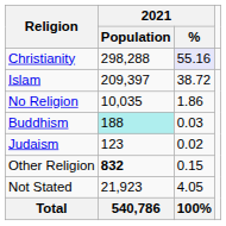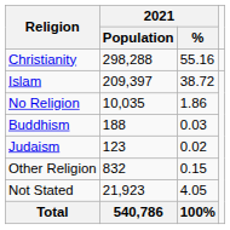 <table class="wikitable sortable">
 <tr>
 <th rowspan="2">Religion</th>
 <th colspan="2">2021 </th>
 </tr>
 <tr>
 <th>Population</th>
 <th>%</th>
 </tr>
 <tr>
 <td><a href='#'>Christianity</a></td>
 <td>298,288</td>
-<td style="background: lavender;">55.16</td>
+<td>55.16</td>
 <td></td>
 </tr>
 <tr>
 <td><a href='#'>Islam</a></td>
 <td>209,397</td>
 <td>38.72</td>
 </tr>
 <tr>
 <td><a href='#'>No Religion</a></td>
 <td>10,035</td>
 <td>1.86</td>
 </tr>
 <tr>
 <td><a href='#'>Buddhism</a></td>
-<td style="background: paleturquoise;">188</td>
+<td>188</td>
 <td>0.03</td>
 </tr>
 <tr>
 <td><a href='#'>Judaism</a></td>
 <td>123</td>
 <td>0.02</td>
 </tr>
 <tr>
 <td>Other Religion</td>
-<td><strong>832</strong></td>
+<td>832</td>
 <td>0.15</td>
 </tr>
 <tr>
 <td>Not Stated</td>
 <td>21,923</td>
 <td>4.05</td>
 </tr>
 <tr>
 <th>Total</th>
 <th>540,786</th>
 <th>100%</th>
 </tr>
 </table>
